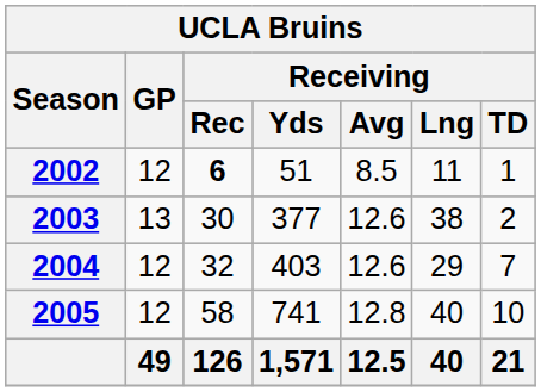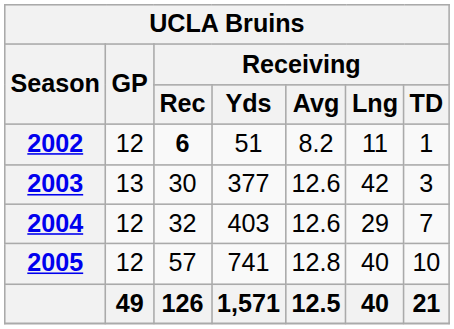 <table class="wikitable" style="text-align: center;">
 <tr>
 <th colspan="14">UCLA Bruins</th>
 </tr>
 <tr>
 <th rowspan="2">Season</th>
 <th rowspan="2">GP</th>
 <th colspan="5">Receiving</th>
 </tr>
 <tr>
 <th>Rec</th>
 <th>Yds</th>
 <th>Avg</th>
 <th>Lng</th>
 <th>TD</th>
 </tr>
 <tr>
 <th><a href='#'>2002</a></th>
 <td>12</td>
 <td><strong>6</strong></td>
 <td>51</td>
-<td>8.5</td>
+<td>8.2</td>
 <td>11</td>
 <td>1</td>
 </tr>
 <tr>
 <th><a href='#'>2003</a></th>
 <td>13</td>
 <td>30</td>
 <td>377</td>
 <td>12.6</td>
-<td>38</td>
-<td>2</td>
+<td>42</td>
+<td>3</td>
 </tr>
 <tr>
 <th><a href='#'>2004</a></th>
 <td>12</td>
 <td>32</td>
 <td>403</td>
 <td>12.6</td>
 <td>29</td>
 <td>7</td>
 </tr>
 <tr>
 <th><a href='#'>2005</a></th>
 <td>12</td>
-<td>58</td>
+<td>57</td>
 <td>741</td>
 <td>12.8</td>
 <td>40</td>
 <td>10</td>
 </tr>
 <tr>
 <th></th>
 <th>49</th>
 <th>126</th>
 <th>1,571</th>
 <th>12.5</th>
 <th>40</th>
 <th>21</th>
 </tr>
 <tr>
 </tr>
 </table>
